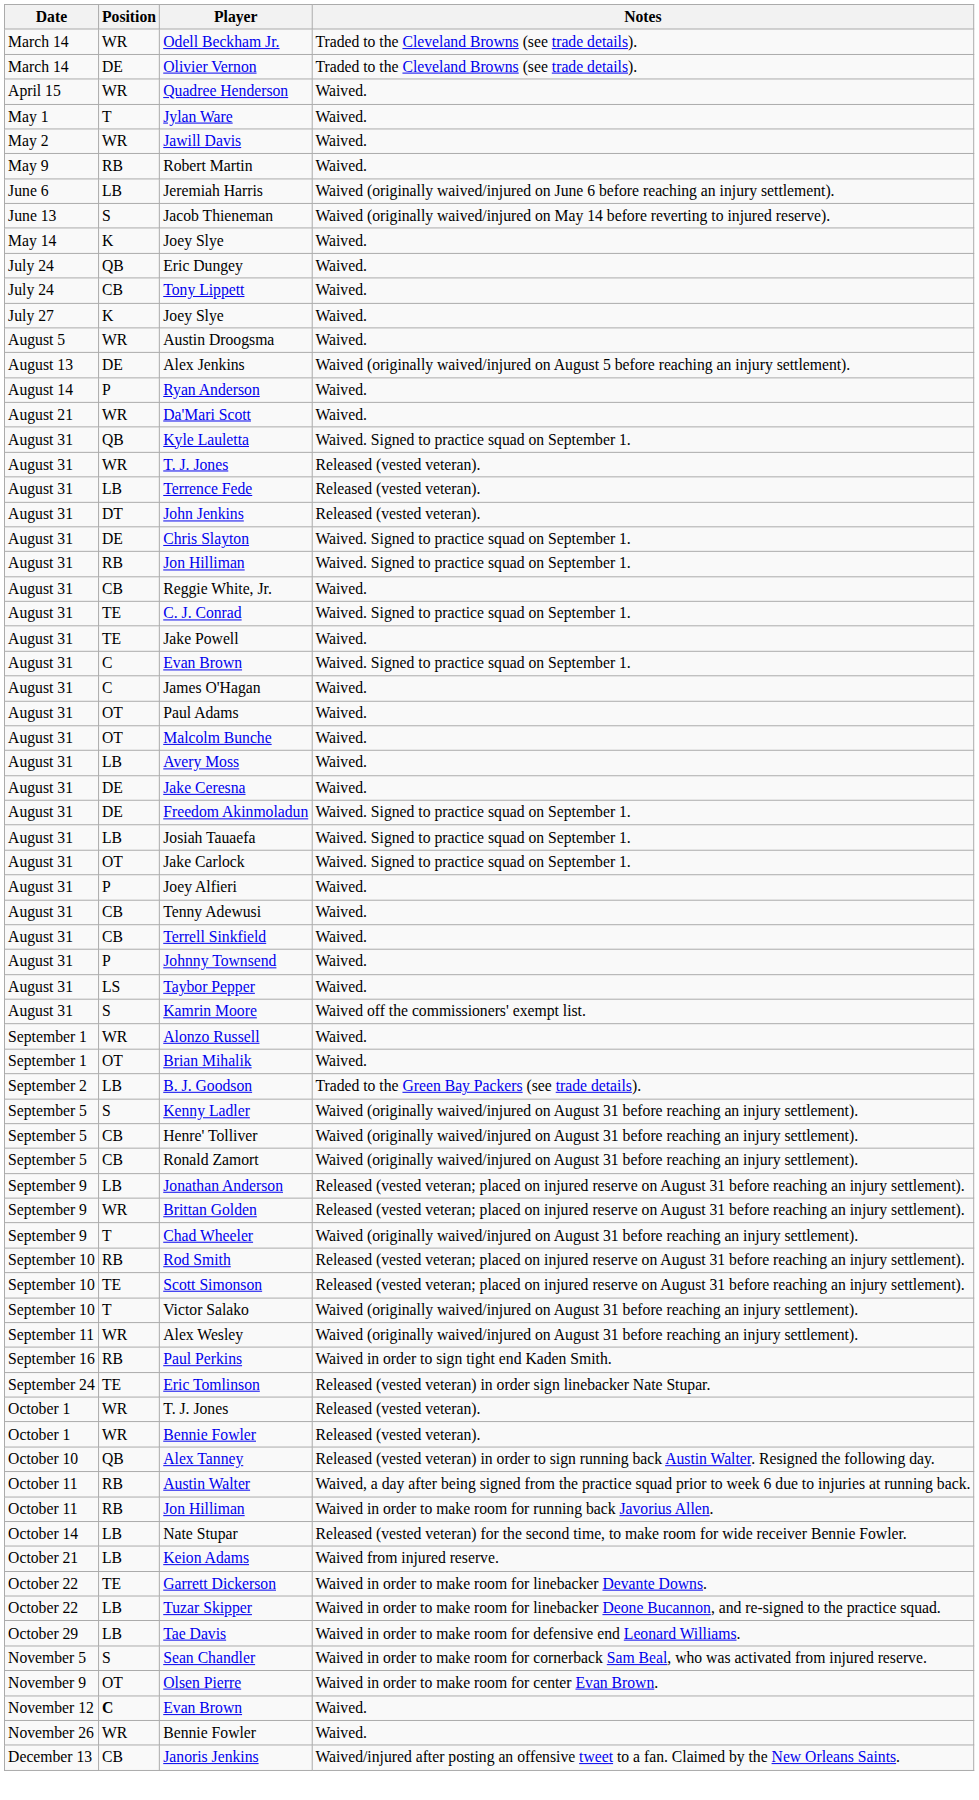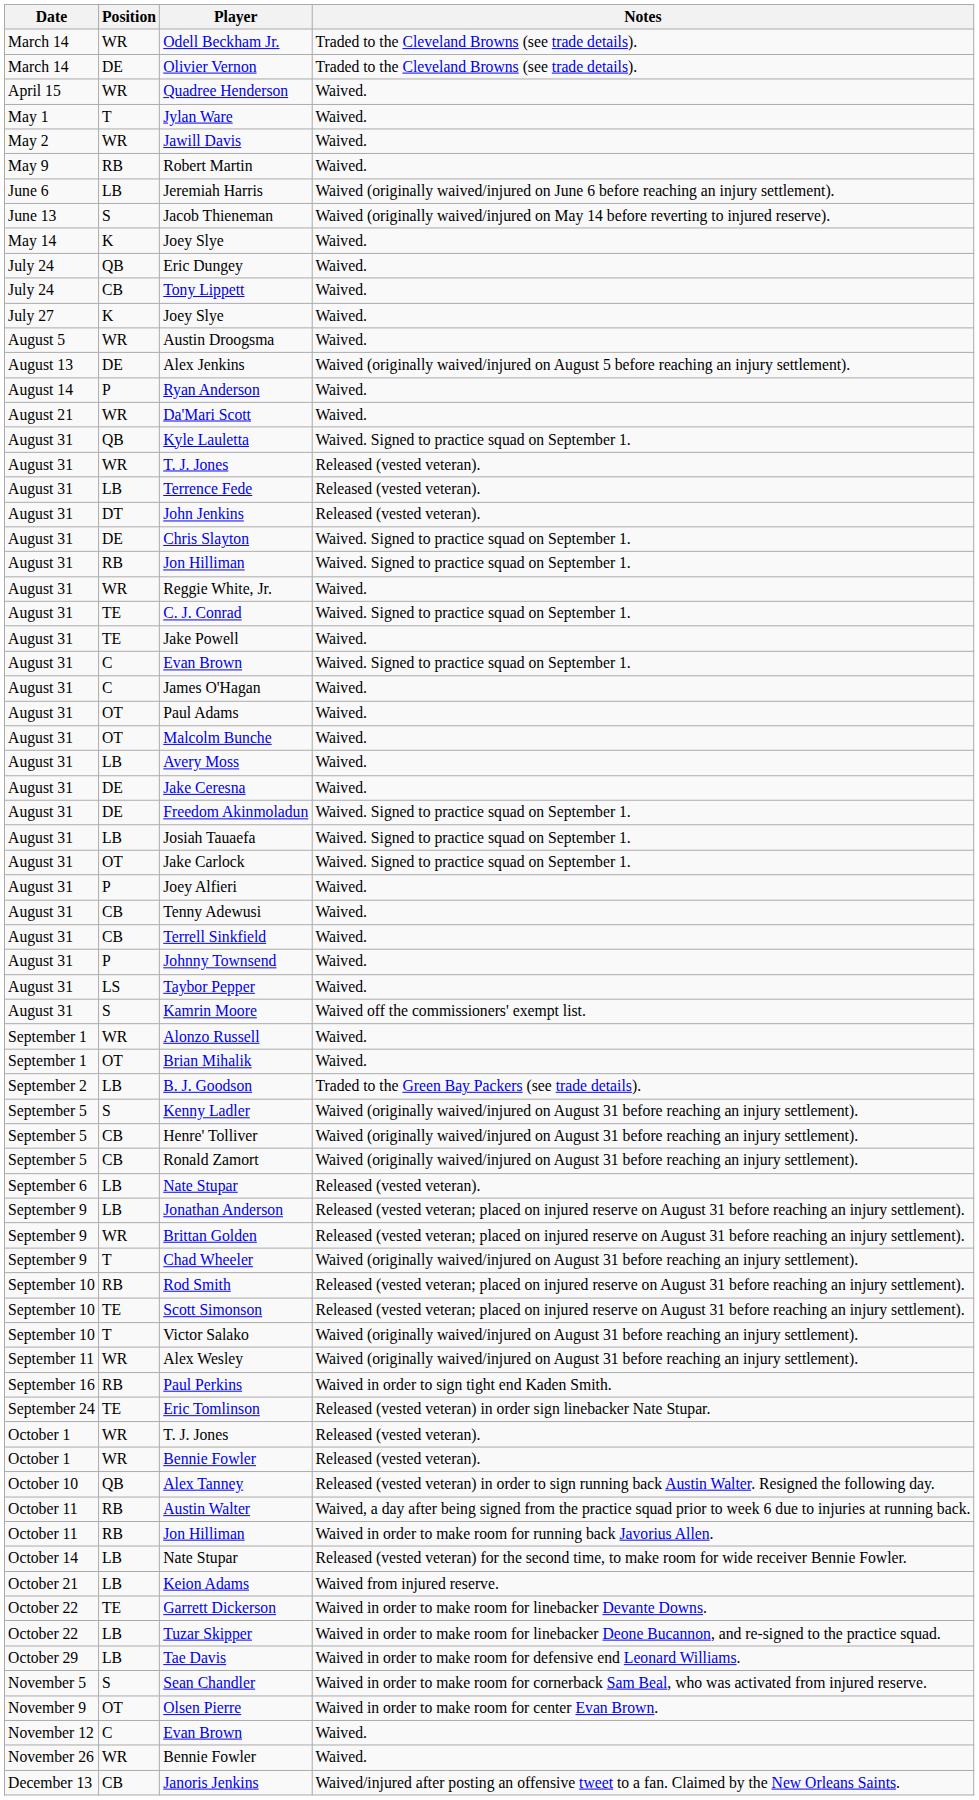 <table class="wikitable">
 <tr>
 <th>Date</th>
 <th>Position</th>
 <th>Player</th>
 <th>Notes</th>
 </tr>
 <tr>
 <td>March 14</td>
 <td>WR</td>
 <td><a href='#'>Odell Beckham Jr.</a></td>
 <td>Traded to the <a href='#'>Cleveland Browns</a> (see <a href='#'>trade details</a>).</td>
 </tr>
 <tr>
 <td>March 14</td>
 <td>DE</td>
 <td><a href='#'>Olivier Vernon</a></td>
 <td>Traded to the <a href='#'>Cleveland Browns</a> (see <a href='#'>trade details</a>).</td>
 </tr>
 <tr>
 <td>April 15</td>
 <td>WR</td>
 <td><a href='#'>Quadree Henderson</a></td>
 <td>Waived.</td>
 </tr>
 <tr>
 <td>May 1</td>
 <td>T</td>
 <td><a href='#'>Jylan Ware</a></td>
 <td>Waived.</td>
 </tr>
 <tr>
 <td>May 2</td>
 <td>WR</td>
 <td><a href='#'>Jawill Davis</a></td>
 <td>Waived.</td>
 </tr>
 <tr>
 <td>May 9</td>
 <td>RB</td>
 <td>Robert Martin</td>
 <td>Waived.</td>
 </tr>
 <tr>
 <td>June 6</td>
 <td>LB</td>
 <td>Jeremiah Harris</td>
 <td>Waived (originally waived/injured on June 6 before reaching an injury settlement).</td>
 </tr>
 <tr>
 <td>June 13</td>
 <td>S</td>
 <td>Jacob Thieneman</td>
 <td>Waived (originally waived/injured on May 14 before reverting to injured reserve).</td>
 </tr>
 <tr>
 <td>May 14</td>
 <td>K</td>
 <td>Joey Slye</td>
 <td>Waived.</td>
 </tr>
 <tr>
 <td>July 24</td>
 <td>QB</td>
 <td>Eric Dungey</td>
 <td>Waived.</td>
 </tr>
 <tr>
 <td>July 24</td>
 <td>CB</td>
 <td><a href='#'>Tony Lippett</a></td>
 <td>Waived.</td>
 </tr>
 <tr>
 <td>July 27</td>
 <td>K</td>
 <td>Joey Slye</td>
 <td>Waived.</td>
 </tr>
 <tr>
 <td>August 5</td>
 <td>WR</td>
 <td>Austin Droogsma</td>
 <td>Waived.</td>
 </tr>
 <tr>
 <td>August 13</td>
 <td>DE</td>
 <td>Alex Jenkins</td>
 <td>Waived (originally waived/injured on August 5 before reaching an injury settlement).</td>
 </tr>
 <tr>
 <td>August 14</td>
 <td>P</td>
 <td><a href='#'>Ryan Anderson</a></td>
 <td>Waived.</td>
 </tr>
 <tr>
 <td>August 21</td>
 <td>WR</td>
 <td><a href='#'>Da'Mari Scott</a></td>
 <td>Waived.</td>
 </tr>
 <tr>
 <td>August 31</td>
 <td>QB</td>
 <td><a href='#'>Kyle Lauletta</a></td>
 <td>Waived. Signed to practice squad on September 1.</td>
 </tr>
 <tr>
 <td>August 31</td>
 <td>WR</td>
 <td><a href='#'>T. J. Jones</a></td>
 <td>Released (vested veteran).</td>
 </tr>
 <tr>
 <td>August 31</td>
 <td>LB</td>
 <td><a href='#'>Terrence Fede</a></td>
 <td>Released (vested veteran).</td>
 </tr>
 <tr>
 <td>August 31</td>
 <td>DT</td>
 <td><a href='#'>John Jenkins</a></td>
 <td>Released (vested veteran).</td>
 </tr>
 <tr>
 <td>August 31</td>
 <td>DE</td>
 <td><a href='#'>Chris Slayton</a></td>
 <td>Waived. Signed to practice squad on September 1.</td>
 </tr>
 <tr>
 <td>August 31</td>
 <td>RB</td>
 <td><a href='#'>Jon Hilliman</a></td>
 <td>Waived. Signed to practice squad on September 1.</td>
 </tr>
 <tr>
 <td>August 31</td>
-<td>CB</td>
+<td>WR</td>
 <td>Reggie White, Jr.</td>
 <td>Waived.</td>
 </tr>
 <tr>
 <td>August 31</td>
 <td>TE</td>
 <td><a href='#'>C. J. Conrad</a></td>
 <td>Waived. Signed to practice squad on September 1.</td>
 </tr>
 <tr>
 <td>August 31</td>
 <td>TE</td>
 <td>Jake Powell</td>
 <td>Waived.</td>
 </tr>
 <tr>
 <td>August 31</td>
 <td>C</td>
 <td><a href='#'>Evan Brown</a></td>
 <td>Waived. Signed to practice squad on September 1.</td>
 </tr>
 <tr>
 <td>August 31</td>
 <td>C</td>
 <td>James O'Hagan</td>
 <td>Waived.</td>
 </tr>
 <tr>
 <td>August 31</td>
 <td>OT</td>
 <td>Paul Adams</td>
 <td>Waived.</td>
 </tr>
 <tr>
 <td>August 31</td>
 <td>OT</td>
 <td><a href='#'>Malcolm Bunche</a></td>
 <td>Waived.</td>
 </tr>
 <tr>
 <td>August 31</td>
 <td>LB</td>
 <td><a href='#'>Avery Moss</a></td>
 <td>Waived.</td>
 </tr>
 <tr>
 <td>August 31</td>
 <td>DE</td>
 <td><a href='#'>Jake Ceresna</a></td>
 <td>Waived.</td>
 </tr>
 <tr>
 <td>August 31</td>
 <td>DE</td>
 <td><a href='#'>Freedom Akinmoladun</a></td>
 <td>Waived. Signed to practice squad on September 1.</td>
 </tr>
 <tr>
 <td>August 31</td>
 <td>LB</td>
 <td>Josiah Tauaefa</td>
 <td>Waived. Signed to practice squad on September 1.</td>
 </tr>
 <tr>
 <td>August 31</td>
 <td>OT</td>
 <td>Jake Carlock</td>
 <td>Waived. Signed to practice squad on September 1.</td>
 </tr>
 <tr>
 <td>August 31</td>
 <td>P</td>
 <td>Joey Alfieri</td>
 <td>Waived.</td>
 </tr>
 <tr>
 <td>August 31</td>
 <td>CB</td>
 <td>Tenny Adewusi</td>
 <td>Waived.</td>
 </tr>
 <tr>
 <td>August 31</td>
 <td>CB</td>
 <td><a href='#'>Terrell Sinkfield</a></td>
 <td>Waived.</td>
 </tr>
 <tr>
 <td>August 31</td>
 <td>P</td>
 <td><a href='#'>Johnny Townsend</a></td>
 <td>Waived.</td>
 </tr>
 <tr>
 <td>August 31</td>
 <td>LS</td>
 <td><a href='#'>Taybor Pepper</a></td>
 <td>Waived.</td>
 </tr>
 <tr>
 <td>August 31</td>
 <td>S</td>
 <td><a href='#'>Kamrin Moore</a></td>
 <td>Waived off the commissioners' exempt list.</td>
 </tr>
 <tr>
 <td>September 1</td>
 <td>WR</td>
 <td><a href='#'>Alonzo Russell</a></td>
 <td>Waived.</td>
 </tr>
 <tr>
 <td>September 1</td>
 <td>OT</td>
 <td><a href='#'>Brian Mihalik</a></td>
 <td>Waived.</td>
 </tr>
 <tr>
 <td>September 2</td>
 <td>LB</td>
 <td><a href='#'>B. J. Goodson</a></td>
 <td>Traded to the <a href='#'>Green Bay Packers</a> (see <a href='#'>trade details</a>).</td>
 </tr>
 <tr>
 <td>September 5</td>
 <td>S</td>
 <td><a href='#'>Kenny Ladler</a></td>
 <td>Waived (originally waived/injured on August 31 before reaching an injury settlement).</td>
 </tr>
 <tr>
 <td>September 5</td>
 <td>CB</td>
 <td>Henre' Tolliver</td>
 <td>Waived (originally waived/injured on August 31 before reaching an injury settlement).</td>
 </tr>
 <tr>
 <td>September 5</td>
 <td>CB</td>
 <td>Ronald Zamort</td>
 <td>Waived (originally waived/injured on August 31 before reaching an injury settlement).</td>
 </tr>
 <tr>
+<td>September 6</td>
+<td>LB</td>
+<td><a href='#'>Nate Stupar</a></td>
+<td>Released (vested veteran).</td>
+</tr>
+<tr>
 <td>September 9</td>
 <td>LB</td>
 <td><a href='#'>Jonathan Anderson</a></td>
 <td>Released (vested veteran; placed on injured reserve on August 31 before reaching an injury settlement).</td>
 </tr>
 <tr>
 <td>September 9</td>
 <td>WR</td>
 <td><a href='#'>Brittan Golden</a></td>
 <td>Released (vested veteran; placed on injured reserve on August 31 before reaching an injury settlement).</td>
 </tr>
 <tr>
 <td>September 9</td>
 <td>T</td>
 <td><a href='#'>Chad Wheeler</a></td>
 <td>Waived (originally waived/injured on August 31 before reaching an injury settlement).</td>
 </tr>
 <tr>
 <td>September 10</td>
 <td>RB</td>
 <td><a href='#'>Rod Smith</a></td>
 <td>Released (vested veteran; placed on injured reserve on August 31 before reaching an injury settlement).</td>
 </tr>
 <tr>
 <td>September 10</td>
 <td>TE</td>
 <td><a href='#'>Scott Simonson</a></td>
 <td>Released (vested veteran; placed on injured reserve on August 31 before reaching an injury settlement).</td>
 </tr>
 <tr>
 <td>September 10</td>
 <td>T</td>
 <td>Victor Salako</td>
 <td>Waived (originally waived/injured on August 31 before reaching an injury settlement).</td>
 </tr>
 <tr>
 <td>September 11</td>
 <td>WR</td>
 <td>Alex Wesley</td>
 <td>Waived (originally waived/injured on August 31 before reaching an injury settlement).</td>
 </tr>
 <tr>
 <td>September 16</td>
 <td>RB</td>
 <td><a href='#'>Paul Perkins</a></td>
 <td>Waived in order to sign tight end Kaden Smith.</td>
 </tr>
 <tr>
 <td>September 24</td>
 <td>TE</td>
 <td><a href='#'>Eric Tomlinson</a></td>
 <td>Released (vested veteran) in order sign linebacker Nate Stupar.</td>
 </tr>
 <tr>
 <td>October 1</td>
 <td>WR</td>
 <td>T. J. Jones</td>
 <td>Released (vested veteran).</td>
 </tr>
 <tr>
 <td>October 1</td>
 <td>WR</td>
 <td><a href='#'>Bennie Fowler</a></td>
 <td>Released (vested veteran).</td>
 </tr>
 <tr>
 <td>October 10</td>
 <td>QB</td>
 <td><a href='#'>Alex Tanney</a></td>
 <td>Released (vested veteran) in order to sign running back <a href='#'>Austin Walter</a>. Resigned the following day.</td>
 </tr>
 <tr>
 <td>October 11</td>
 <td>RB</td>
 <td><a href='#'>Austin Walter</a></td>
 <td>Waived, a day after being signed from the practice squad prior to week 6 due to injuries at running back.</td>
 </tr>
 <tr>
 <td>October 11</td>
 <td>RB</td>
 <td><a href='#'>Jon Hilliman</a></td>
 <td>Waived in order to make room for running back <a href='#'>Javorius Allen</a>.</td>
 </tr>
 <tr>
 <td>October 14</td>
 <td>LB</td>
 <td>Nate Stupar</td>
 <td>Released (vested veteran) for the second time, to make room for wide receiver Bennie Fowler.</td>
 </tr>
 <tr>
 <td>October 21</td>
 <td>LB</td>
 <td><a href='#'>Keion Adams</a></td>
 <td>Waived from injured reserve.</td>
 </tr>
 <tr>
 <td>October 22</td>
 <td>TE</td>
 <td><a href='#'>Garrett Dickerson</a></td>
 <td>Waived in order to make room for linebacker <a href='#'>Devante Downs</a>.</td>
 </tr>
 <tr>
 <td>October 22</td>
 <td>LB</td>
 <td><a href='#'>Tuzar Skipper</a></td>
 <td>Waived in order to make room for linebacker <a href='#'>Deone Bucannon</a>, and re-signed to the practice squad.</td>
 </tr>
 <tr>
 <td>October 29</td>
 <td>LB</td>
 <td><a href='#'>Tae Davis</a></td>
 <td>Waived in order to make room for defensive end <a href='#'>Leonard Williams</a>.</td>
 </tr>
 <tr>
 <td>November 5</td>
 <td>S</td>
 <td><a href='#'>Sean Chandler</a></td>
 <td>Waived in order to make room for cornerback <a href='#'>Sam Beal</a>, who was activated from injured reserve.</td>
 </tr>
 <tr>
 <td>November 9</td>
 <td>OT</td>
 <td><a href='#'>Olsen Pierre</a></td>
 <td>Waived in order to make room for center <a href='#'>Evan Brown</a>.</td>
 </tr>
 <tr>
 <td>November 12</td>
-<td><strong>C</strong></td>
+<td>C</td>
 <td><a href='#'>Evan Brown</a></td>
 <td>Waived.</td>
 </tr>
 <tr>
 <td>November 26</td>
 <td>WR</td>
 <td>Bennie Fowler</td>
 <td>Waived.</td>
 </tr>
 <tr>
 <td>December 13</td>
 <td>CB</td>
 <td><a href='#'>Janoris Jenkins</a></td>
 <td>Waived/injured after posting an offensive <a href='#'>tweet</a> to a fan. Claimed by the <a href='#'>New Orleans Saints</a>.</td>
 </tr>
 </table>
